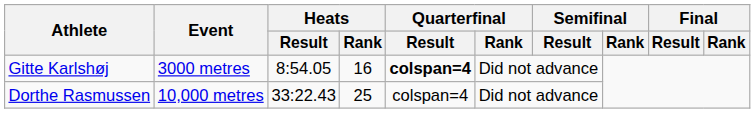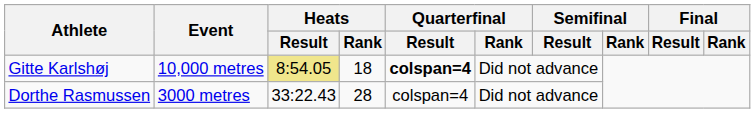 <table class="wikitable" style="font-size:90%">
 <tr>
 <th rowspan="2">Athlete</th>
 <th rowspan="2">Event</th>
 <th colspan="2">Heats</th>
 <th colspan="2">Quarterfinal</th>
 <th colspan="2">Semifinal</th>
 <th colspan="2">Final</th>
 </tr>
 <tr style="font-size:95%">
 <th>Result</th>
 <th>Rank</th>
 <th>Result</th>
 <th>Rank</th>
 <th>Result</th>
 <th>Rank</th>
 <th>Result</th>
 <th>Rank</th>
 </tr>
 <tr align=center>
 <td align=left><a href='#'>Gitte Karlshøj</a></td>
-<td align=left><a href='#'>3000 metres</a></td>
-<td>8:54.05</td>
-<td>16</td>
+<td align=left><a href='#'>10,000 metres</a></td>
+<td style="background: khaki;">8:54.05</td>
+<td>18</td>
 <td><strong>colspan=4</strong></td>
 <td colspan=2>Did not advance</td>
 </tr>
 <tr align=center>
 <td align=left><a href='#'>Dorthe Rasmussen</a></td>
-<td align=left><a href='#'>10,000 metres</a></td>
+<td align=left><a href='#'>3000 metres</a></td>
 <td>33:22.43</td>
-<td>25</td>
+<td>28</td>
 <td>colspan=4</td>
 <td colspan=2>Did not advance</td>
 </tr>
 </table>
